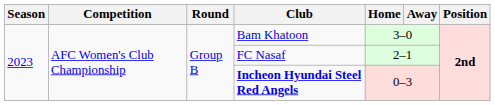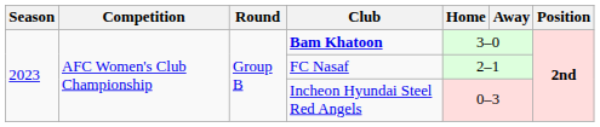 <table class="wikitable">
 <tr>
 <th>Season</th>
 <th>Competition</th>
 <th>Round</th>
 <th>Club</th>
 <th>Home</th>
 <th>Away</th>
 <th>Position</th>
 </tr>
 <tr>
 <td rowspan="3"><a href='#'>2023</a></td>
 <td rowspan="3"><a href='#'>AFC Women's Club Championship</a></td>
 <td rowspan="3"><a href='#'>Group B</a></td>
-<td> <a href='#'>Bam Khatoon</a></td>
+<td><strong> <a href='#'>Bam Khatoon</a></strong></td>
 <td colspan="2"; style="text-align:center; background:#dfd;">3–0</td>
 <td rowspan="3" style="text-align:center; background:#fdd;"><strong>2nd</strong></td>
 </tr>
 <tr>
 <td> <a href='#'>FC Nasaf</a></td>
 <td colspan="2"; style="text-align:center; background:#dfd;">2–1</td>
 </tr>
 <tr>
-<td><strong> <a href='#'>Incheon Hyundai Steel Red Angels</a></strong></td>
+<td> <a href='#'>Incheon Hyundai Steel Red Angels</a></td>
 <td colspan="2" style="text-align:center; background:#fdd;">0–3</td>
 </tr>
 </table>
